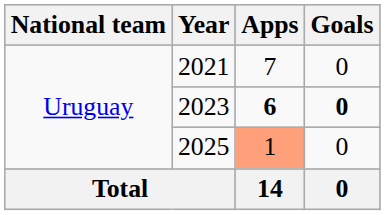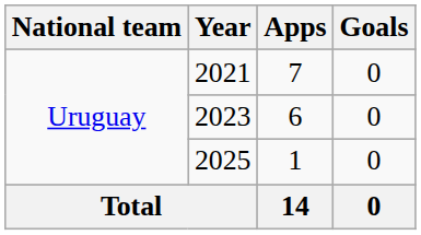 <table class="wikitable" style="text-align:center">
 <tr>
 <th>National team</th>
 <th>Year</th>
 <th>Apps</th>
 <th>Goals</th>
 </tr>
 <tr>
 <td rowspan=3><a href='#'>Uruguay</a></td>
 <td>2021</td>
 <td>7</td>
 <td>0</td>
 </tr>
 <tr>
 <td>2023</td>
-<td><strong>6</strong></td>
-<td><strong>0</strong></td>
+<td>6</td>
+<td>0</td>
 </tr>
 <tr>
 <td>2025</td>
-<td style="background: lightsalmon;">1</td>
+<td>1</td>
 <td>0</td>
 </tr>
 <tr>
 <th colspan=2>Total</th>
 <th>14</th>
 <th>0</th>
 </tr>
 </table>
